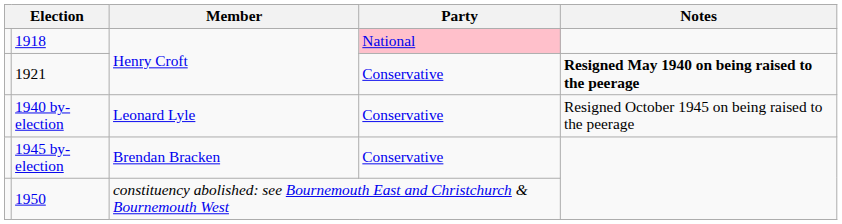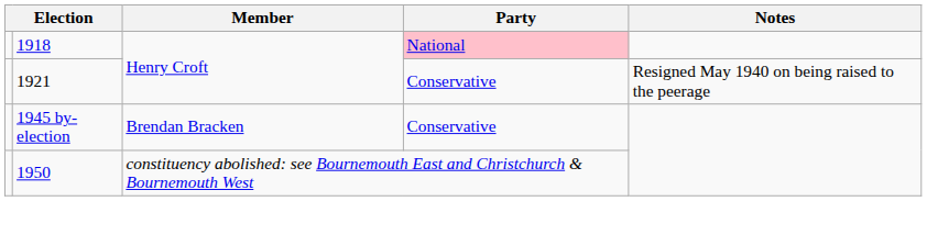 <table class="wikitable">
 <tr>
 <th colspan="2">Election</th>
 <th>Member</th>
 <th>Party</th>
 <th>Notes</th>
 </tr>
 <tr>
 <td style="color:inherit;background-color: "></td>
 <td><a href='#'>1918</a></td>
 <td rowspan="2"><a href='#'>Henry Croft</a></td>
 <td style="background: pink;"><a href='#'>National</a></td>
 </tr>
 <tr>
 <td style="color:inherit;background-color: "></td>
 <td>1921</td>
 <td><a href='#'>Conservative</a></td>
-<td><strong>Resigned May 1940 on being raised to the peerage</strong></td>
-</tr>
-<tr>
-<td style="color:inherit;background-color: "></td>
-<td><a href='#'>1940 by-election</a></td>
-<td><a href='#'>Leonard Lyle</a></td>
-<td><a href='#'>Conservative</a></td>
-<td>Resigned October 1945 on being raised to the peerage</td>
+<td>Resigned May 1940 on being raised to the peerage</td>
 </tr>
 <tr>
 <td style="color:inherit;background-color: "></td>
 <td><a href='#'>1945 by-election</a></td>
 <td><a href='#'>Brendan Bracken</a></td>
 <td><a href='#'>Conservative</a></td>
 </tr>
 <tr>
 <td></td>
 <td><a href='#'>1950</a></td>
 <td colspan="2"><em>constituency abolished: see <a href='#'>Bournemouth East and Christchurch</a> & <a href='#'>Bournemouth West</a></em></td>
 </tr>
 </table>
